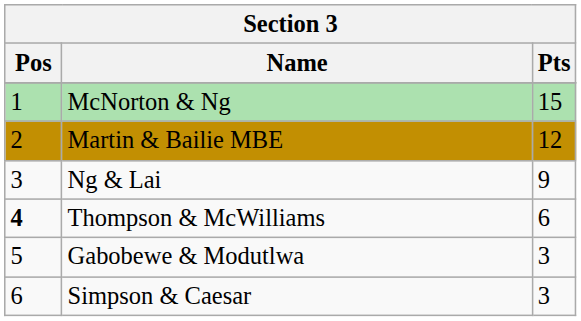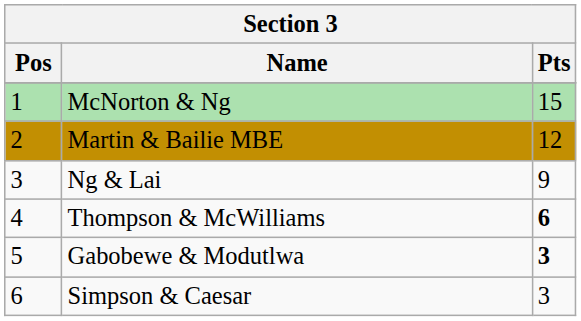 <table class="wikitable">
 <tr>
 <th colspan="6">Section 3</th>
 </tr>
 <tr>
 <th width=30>Pos</th>
 <th width=300>Name</th>
 <th width=20>Pts</th>
 </tr>
 <tr>
 </tr>
 <tr style="background:#ACE1AF;">
 <td>1</td>
 <td> McNorton & Ng</td>
 <td>15</td>
 </tr>
 <tr style="background:#c28f02;">
 <td>2</td>
 <td> Martin & Bailie MBE</td>
 <td>12</td>
 </tr>
 <tr>
 <td>3</td>
 <td> Ng & Lai</td>
 <td>9</td>
 </tr>
 <tr>
-<td><strong>4</strong></td>
+<td>4</td>
 <td> Thompson &  McWilliams</td>
-<td>6</td>
+<td><strong>6</strong></td>
 </tr>
 <tr>
 <td>5</td>
 <td> Gabobewe & Modutlwa</td>
-<td>3</td>
+<td><strong>3</strong></td>
 </tr>
 <tr>
 <td>6</td>
 <td> Simpson & Caesar</td>
 <td>3</td>
 </tr>
 </table>
